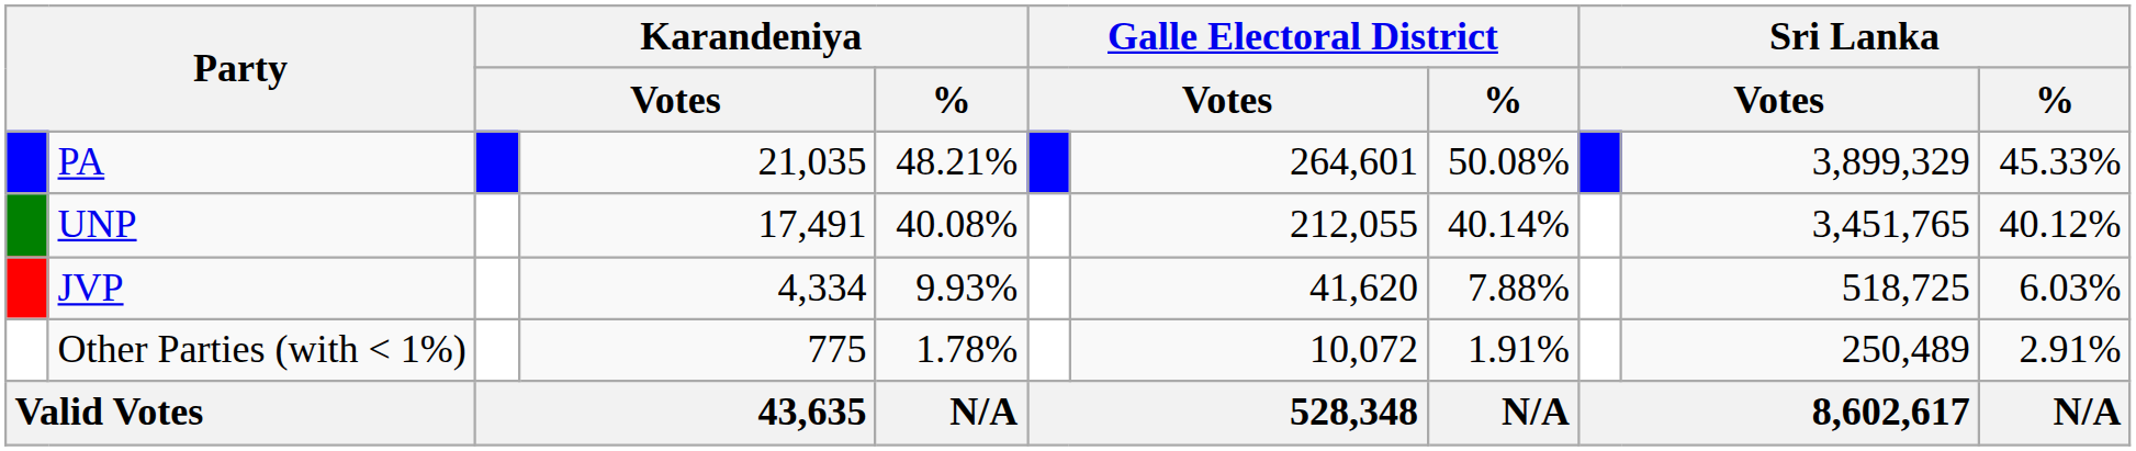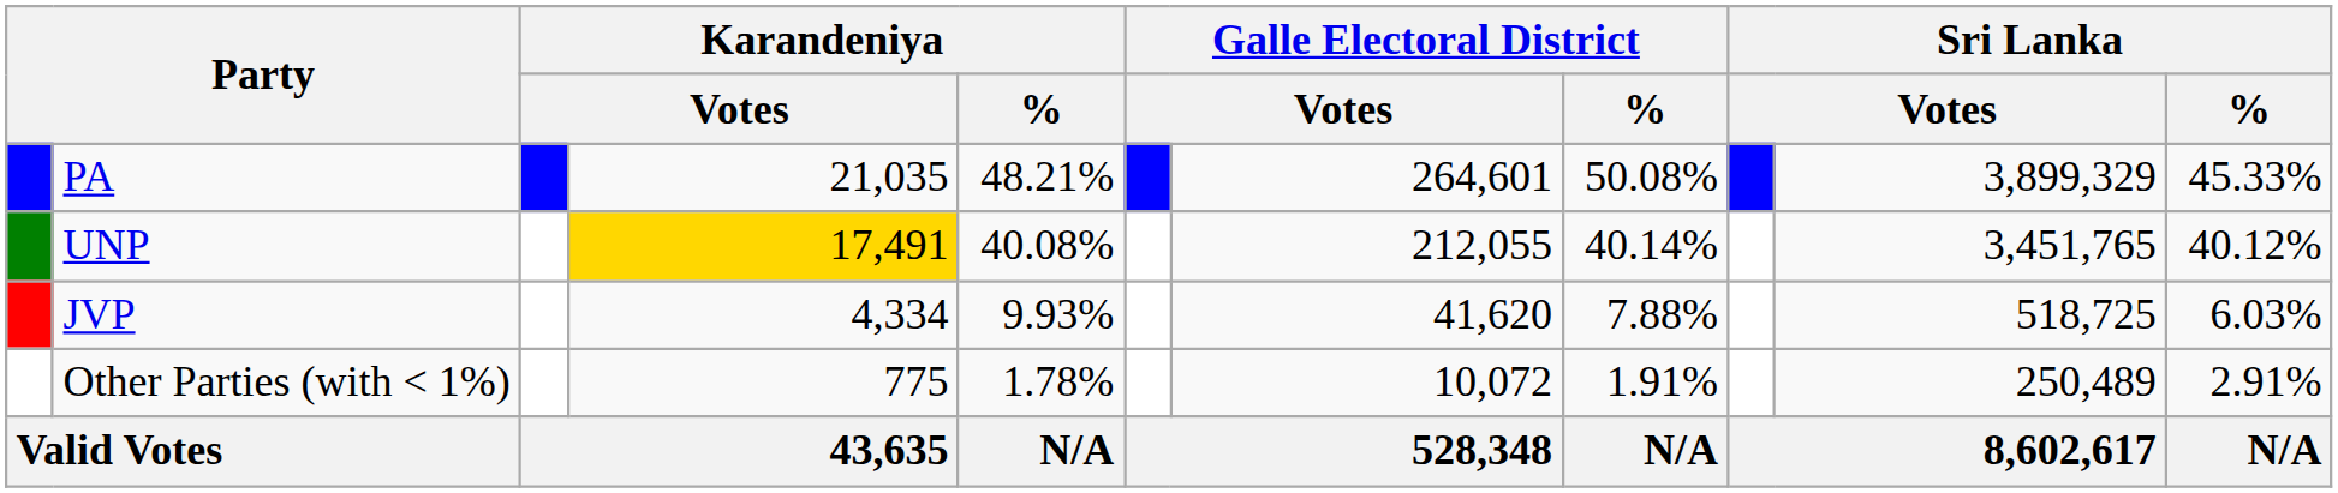 <table class="wikitable">
 <tr>
 <th colspan="2" width="144px"rowspan="2">Party</th>
 <th colspan="3" width="216px">Karandeniya</th>
 <th colspan="3" width="216px"><a href='#'>Galle Electoral District</a></th>
 <th colspan="3" width="216px">Sri Lanka</th>
 </tr>
 <tr>
 <th colspan="2" width="144px">Votes</th>
 <th>%</th>
 <th colspan="2" width="144px">Votes</th>
 <th>%</th>
 <th colspan="2" width="144px">Votes</th>
 <th>%</th>
 </tr>
 <tr>
 <td style="background-color:blue;" width="10px"></td>
 <td style="text-align:left;"><a href='#'>PA</a></td>
 <td style="background-color:blue;" width="10px"></td>
 <td style="text-align:right;">21,035</td>
 <td style="text-align:right;">48.21%</td>
 <td style="background-color:blue;" width="10px"></td>
 <td style="text-align:right;">264,601</td>
 <td style="text-align:right;">50.08%</td>
 <td style="background-color:blue;" width="10px"></td>
 <td style="text-align:right;">3,899,329</td>
 <td style="text-align:right;">45.33%</td>
 </tr>
 <tr>
 <td style="background-color:green;" width="10px"></td>
 <td style="text-align:left;"><a href='#'>UNP</a></td>
 <td style="background-color:white;" width="10px"></td>
-<td style="text-align:right;">17,491</td>
+<td style="background: gold; text-align:right;">17,491</td>
 <td style="text-align:right;">40.08%</td>
 <td style="background-color:white;" width="10px"></td>
 <td style="text-align:right;">212,055</td>
 <td style="text-align:right;">40.14%</td>
 <td style="background-color:white;" width="10px"></td>
 <td style="text-align:right;">3,451,765</td>
 <td style="text-align:right;">40.12%</td>
 </tr>
 <tr>
 <td style="background-color:red;" width="10px"></td>
 <td style="text-align:left;"><a href='#'>JVP</a></td>
 <td style="background-color:white;" width="10px"></td>
 <td style="text-align:right;">4,334</td>
 <td style="text-align:right;">9.93%</td>
 <td style="background-color:white;" width="10px"></td>
 <td style="text-align:right;">41,620</td>
 <td style="text-align:right;">7.88%</td>
 <td style="background-color:white;" width="10px"></td>
 <td style="text-align:right;">518,725</td>
 <td style="text-align:right;">6.03%</td>
 </tr>
 <tr>
 <td style="background-color:white;" width="10px"></td>
 <td style="text-align:left;">Other Parties (with < 1%)</td>
 <td style="background-color:white;" width="10px"></td>
 <td style="text-align:right;">775</td>
 <td style="text-align:right;">1.78%</td>
 <td style="background-color:white;" width="10px"></td>
 <td style="text-align:right;">10,072</td>
 <td style="text-align:right;">1.91%</td>
 <td style="background-color:white;" width="10px"></td>
 <td style="text-align:right;">250,489</td>
 <td style="text-align:right;">2.91%</td>
 </tr>
 <tr>
 <th colspan="2" width="144px"style="text-align:left;">Valid Votes</th>
 <th style="text-align:right;"colspan="2" width="144px">43,635</th>
 <th style="text-align:right;">N/A</th>
 <th style="text-align:right;"colspan="2" width="144px">528,348</th>
 <th style="text-align:right;">N/A</th>
 <th style="text-align:right;"colspan="2" width="144px">8,602,617</th>
 <th style="text-align:right;">N/A</th>
 </tr>
 </table>
